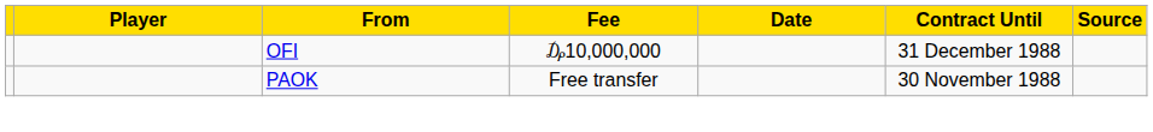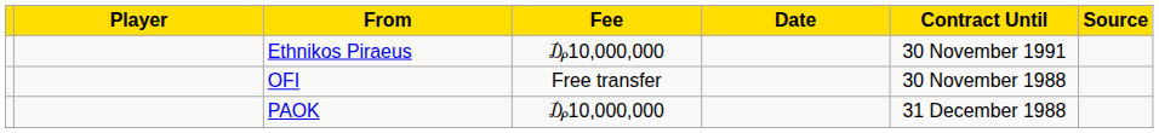 <table class="wikitable sortable">
 <tr>
 <th style="background:#FFDE00"></th>
 <th width=200 style="background:#FFDE00">Player</th>
 <th width=200 style="background:#FFDE00">From</th>
 <th width=150 style="background:#FFDE00">Fee</th>
 <th width=150 style="background:#FFDE00">Date</th>
 <th width=150 style="background:#FFDE00">Contract Until</th>
 <th style="background:#FFDE00">Source</th>
 </tr>
 <tr>
 <td align=center></td>
 <td></td>
-<td> <a href='#'>OFI</a></td>
+<td> <a href='#'>Ethnikos Piraeus</a></td>
 <td align=center>₯10,000,000</td>
 <td align=center></td>
-<td align=center>31 December 1988</td>
+<td align=center>30 November 1991</td>
+<td align=center></td>
+</tr>
+<tr>
+<td align=center></td>
+<td></td>
+<td> <a href='#'>OFI</a></td>
+<td align=center>Free transfer</td>
+<td align=center></td>
+<td align=center>30 November 1988</td>
 <td align=center></td>
 </tr>
 <tr>
 <td align=center></td>
 <td></td>
 <td> <a href='#'>PAOK</a></td>
-<td align=center>Free transfer</td>
+<td align=center>₯10,000,000</td>
 <td align=center></td>
-<td align=center>30 November 1988</td>
+<td align=center>31 December 1988</td>
 <td align=center></td>
 </tr>
 </table>
